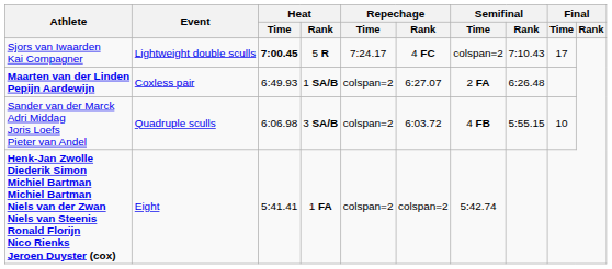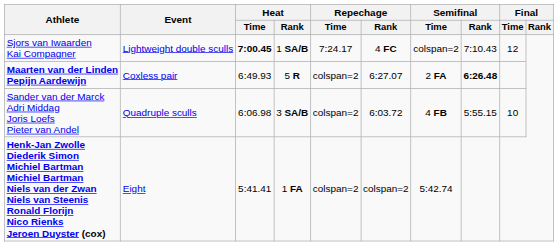 <table class=wikitable style=font-size:90%;text-align:center>
 <tr>
 <th rowspan=2>Athlete</th>
 <th rowspan=2>Event</th>
 <th colspan=2>Heat</th>
 <th colspan=2>Repechage</th>
 <th colspan=2>Semifinal</th>
 <th colspan=2>Final</th>
 </tr>
 <tr style=font-size:95%>
 <th>Time</th>
 <th>Rank</th>
 <th>Time</th>
 <th>Rank</th>
 <th>Time</th>
 <th>Rank</th>
 <th>Time</th>
 <th>Rank</th>
 </tr>
 <tr>
 <td align=left><a href='#'>Sjors van Iwaarden</a><br><a href='#'>Kai Compagner</a></td>
 <td align=left><a href='#'>Lightweight double sculls</a></td>
 <td><strong>7:00.45</strong></td>
-<td>5 <strong>R</strong></td>
+<td>1 <strong>SA/B</strong></td>
 <td>7:24.17</td>
 <td>4 <strong>FC</strong></td>
 <td>colspan=2 </td>
 <td>7:10.43</td>
-<td>17</td>
+<td>12</td>
 </tr>
 <tr>
 <td align=left><strong><a href='#'>Maarten van der Linden</a><br><a href='#'>Pepijn Aardewijn</a></strong></td>
 <td align=left><a href='#'>Coxless pair</a></td>
 <td>6:49.93</td>
-<td>1 <strong>SA/B</strong></td>
+<td>5 <strong>R</strong></td>
 <td>colspan=2 </td>
 <td>6:27.07</td>
 <td>2 <strong>FA</strong></td>
-<td>6:26.48</td>
+<td><strong>6:26.48</strong></td>
 <td></td>
 </tr>
 <tr>
 <td align=left><a href='#'>Sander van der Marck</a><br><a href='#'>Adri Middag</a><br><a href='#'>Joris Loefs</a><br><a href='#'>Pieter van Andel</a></td>
 <td align=left><a href='#'>Quadruple sculls</a></td>
 <td>6:06.98</td>
 <td>3 <strong>SA/B</strong></td>
 <td>colspan=2 </td>
 <td>6:03.72</td>
 <td>4 <strong>FB</strong></td>
 <td>5:55.15</td>
 <td>10</td>
 </tr>
 <tr>
 <td align=left><strong><a href='#'>Henk-Jan Zwolle</a><br><a href='#'>Diederik Simon</a><br><a href='#'>Michiel Bartman</a><br><a href='#'>Michiel Bartman</a><br><a href='#'>Niels van der Zwan</a><br><a href='#'>Niels van Steenis</a><br><a href='#'>Ronald Florijn</a><br><a href='#'>Nico Rienks</a><br><a href='#'>Jeroen Duyster</a> (cox)</strong></td>
 <td align=left><a href='#'>Eight</a></td>
 <td>5:41.41</td>
 <td>1 <strong>FA</strong></td>
 <td>colspan=2 </td>
 <td>colspan=2 </td>
 <td>5:42.74</td>
 <td></td>
 </tr>
 </table>
